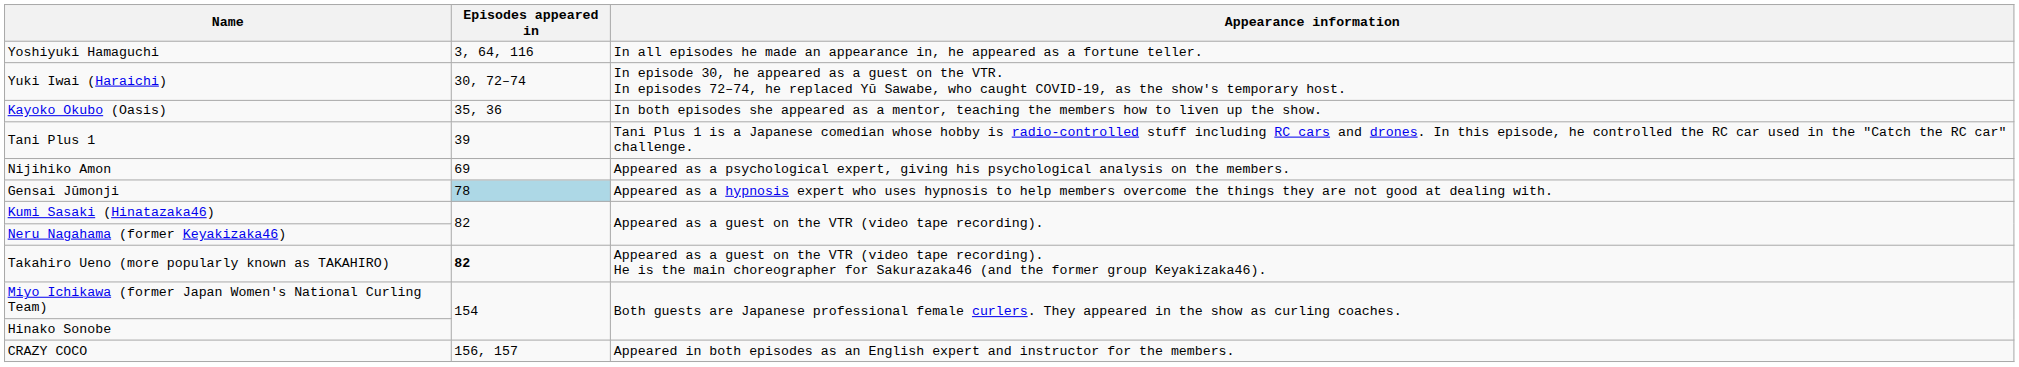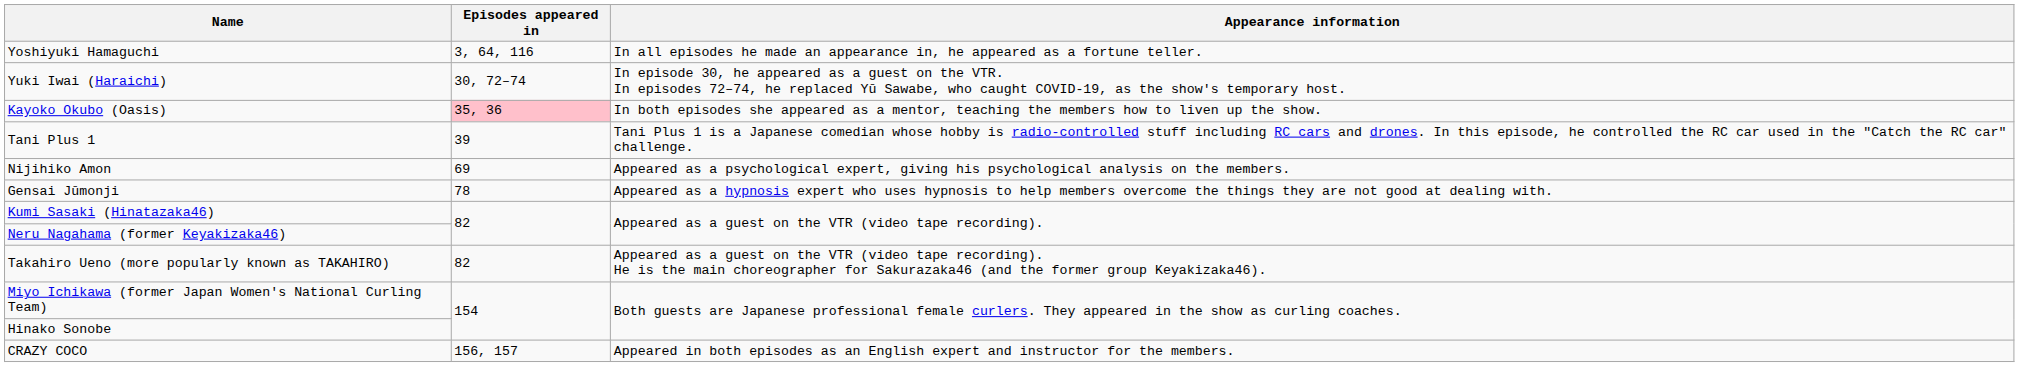 <table class="wikitable">
 <tr>
 <th>Name</th>
 <th>Episodes appeared in</th>
 <th>Appearance information</th>
 </tr>
 <tr>
 <td>Yoshiyuki Hamaguchi</td>
 <td>3, 64, 116</td>
 <td>In all episodes he made an appearance in, he appeared as a fortune teller.</td>
 </tr>
 <tr>
 <td>Yuki Iwai (<a href='#'>Haraichi</a>)</td>
 <td>30, 72–74</td>
 <td>In episode 30, he appeared as a guest on the VTR.<br>In episodes 72–74, he replaced Yū Sawabe, who caught COVID-19, as the show's temporary host.</td>
 </tr>
 <tr>
 <td><a href='#'>Kayoko Okubo</a> (Oasis)</td>
-<td>35, 36</td>
+<td style="background: pink;">35, 36</td>
 <td>In both episodes she appeared as a mentor, teaching the members how to liven up the show.</td>
 </tr>
 <tr>
 <td>Tani Plus 1</td>
 <td>39</td>
 <td>Tani Plus 1 is a Japanese comedian whose hobby is <a href='#'>radio-controlled</a> stuff including <a href='#'>RC cars</a> and <a href='#'>drones</a>. In this episode, he controlled the RC car used in the "Catch the RC car" challenge.</td>
 </tr>
 <tr>
 <td>Nijihiko Amon</td>
 <td>69</td>
 <td>Appeared as a psychological expert, giving his psychological analysis on the members.</td>
 </tr>
 <tr>
 <td>Gensai Jūmonji</td>
-<td style="background: lightblue;">78</td>
+<td>78</td>
 <td>Appeared as a <a href='#'>hypnosis</a> expert who uses hypnosis to help members overcome the things they are not good at dealing with.</td>
 </tr>
 <tr>
 <td><a href='#'>Kumi Sasaki</a> (<a href='#'>Hinatazaka46</a>)</td>
 <td rowspan="2">82</td>
 <td rowspan="2">Appeared as a guest on the VTR (video tape recording).</td>
 </tr>
 <tr>
 <td><a href='#'>Neru Nagahama</a> (former <a href='#'>Keyakizaka46</a>)</td>
 </tr>
 <tr>
 <td>Takahiro Ueno (more popularly known as TAKAHIRO)</td>
-<td><strong>82</strong></td>
+<td>82</td>
 <td>Appeared as a guest on the VTR (video tape recording).<br>He is the main choreographer for Sakurazaka46 (and the former group Keyakizaka46).</td>
 </tr>
 <tr>
 <td><a href='#'>Miyo Ichikawa</a> (former Japan Women's National Curling Team)</td>
 <td rowspan="2">154</td>
 <td rowspan="2">Both guests are Japanese professional female <a href='#'>curlers</a>. They appeared in the show as curling coaches.</td>
 </tr>
 <tr>
 <td>Hinako Sonobe</td>
 </tr>
 <tr>
 <td>CRAZY COCO</td>
 <td>156, 157</td>
 <td>Appeared in both episodes as an English expert and instructor for the members.</td>
 </tr>
 </table>
